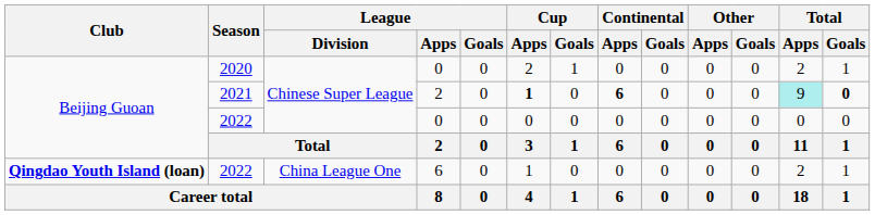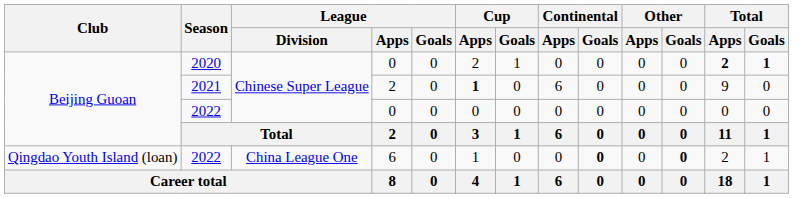 <table class="wikitable" style="text-align: center">
 <tr>
 <th rowspan="2">Club</th>
 <th rowspan="2">Season</th>
 <th colspan="3">League</th>
 <th colspan="2">Cup</th>
 <th colspan="2">Continental</th>
 <th colspan="2">Other</th>
 <th colspan="2">Total</th>
 </tr>
 <tr>
 <th>Division</th>
 <th>Apps</th>
 <th>Goals</th>
 <th>Apps</th>
 <th>Goals</th>
 <th>Apps</th>
 <th>Goals</th>
 <th>Apps</th>
 <th>Goals</th>
 <th>Apps</th>
 <th>Goals</th>
 </tr>
 <tr>
 <td rowspan="4"><a href='#'>Beijing Guoan</a></td>
 <td><a href='#'>2020</a></td>
 <td rowspan="3"><a href='#'>Chinese Super League</a></td>
 <td>0</td>
 <td>0</td>
 <td>2</td>
 <td>1</td>
 <td>0</td>
 <td>0</td>
 <td>0</td>
 <td>0</td>
-<td>2</td>
-<td>1</td>
+<td><strong>2</strong></td>
+<td><strong>1</strong></td>
 </tr>
 <tr>
 <td><a href='#'>2021</a></td>
 <td>2</td>
 <td>0</td>
 <td><strong>1</strong></td>
 <td>0</td>
-<td><strong>6</strong></td>
+<td>6</td>
 <td>0</td>
 <td>0</td>
 <td>0</td>
-<td style="background: paleturquoise;">9</td>
-<td><strong>0</strong></td>
+<td>9</td>
+<td>0</td>
 </tr>
 <tr>
 <td><a href='#'>2022</a></td>
 <td>0</td>
 <td>0</td>
 <td>0</td>
 <td>0</td>
 <td>0</td>
 <td>0</td>
 <td>0</td>
 <td>0</td>
 <td>0</td>
 <td>0</td>
 </tr>
 <tr>
 <th colspan=2>Total</th>
 <th>2</th>
 <th>0</th>
 <th>3</th>
 <th>1</th>
 <th>6</th>
 <th>0</th>
 <th>0</th>
 <th>0</th>
 <th>11</th>
 <th>1</th>
 </tr>
 <tr>
-<td><strong><a href='#'>Qingdao Youth Island</a> (loan)</strong></td>
+<td><a href='#'>Qingdao Youth Island</a> (loan)</td>
 <td><a href='#'>2022</a></td>
 <td><a href='#'>China League One</a></td>
 <td>6</td>
 <td>0</td>
 <td>1</td>
 <td>0</td>
 <td>0</td>
+<td><strong>0</strong></td>
 <td>0</td>
-<td>0</td>
-<td>0</td>
+<td><strong>0</strong></td>
 <td>2</td>
 <td>1</td>
 </tr>
 <tr>
 <th colspan=3>Career total</th>
 <th>8</th>
 <th>0</th>
 <th>4</th>
 <th>1</th>
 <th>6</th>
 <th>0</th>
 <th>0</th>
 <th>0</th>
 <th>18</th>
 <th>1</th>
 </tr>
 </table>
